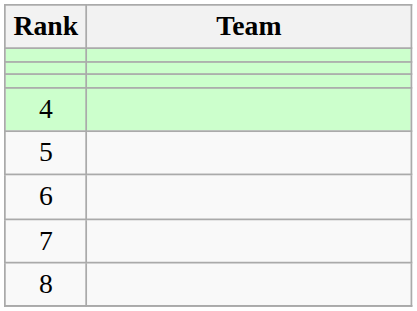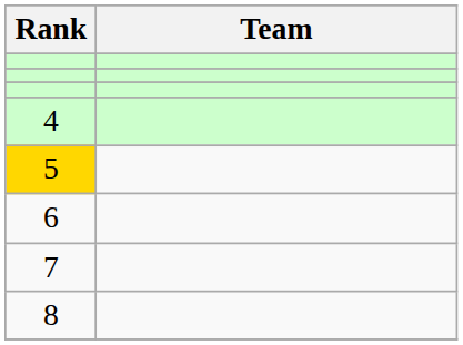 <table class="wikitable" style="text-align: center;">
 <tr>
 <th width=40>Rank</th>
 <th width=180>Team</th>
 </tr>
 <tr bgcolor=ccffcc>
 <td></td>
 <td align=left></td>
 </tr>
 <tr bgcolor=ccffcc>
 <td></td>
 <td align=left></td>
 </tr>
 <tr bgcolor=ccffcc>
 <td></td>
 <td align=left></td>
 </tr>
 <tr bgcolor=ccffcc>
 <td>4</td>
 <td align=left></td>
 </tr>
 <tr>
-<td>5</td>
+<td style="background: gold;">5</td>
 <td align=left></td>
 </tr>
 <tr>
 <td>6</td>
 <td align=left></td>
 </tr>
 <tr>
 <td>7</td>
 <td align=left></td>
 </tr>
 <tr>
 <td>8</td>
 <td align=left></td>
 </tr>
 <tr>
 </tr>
 </table>
